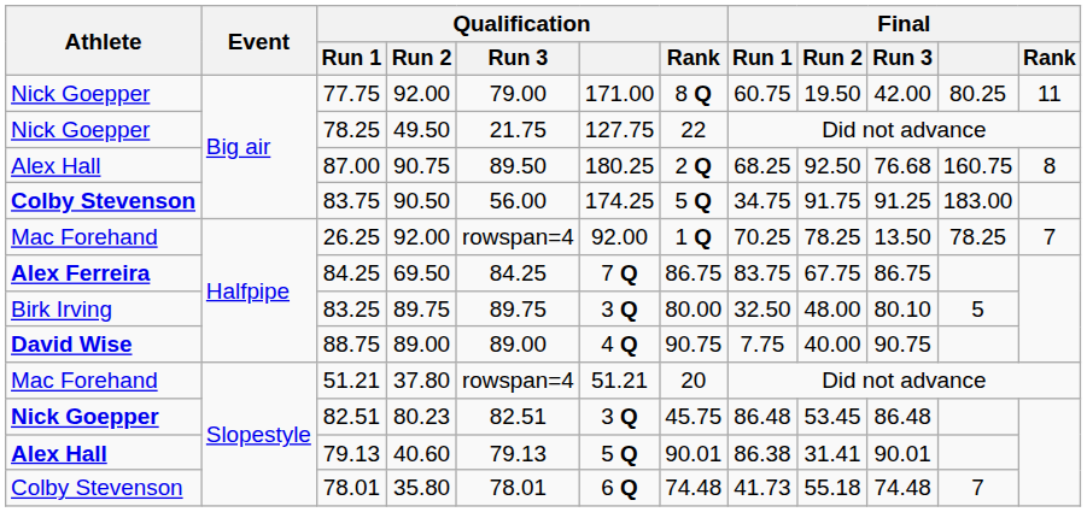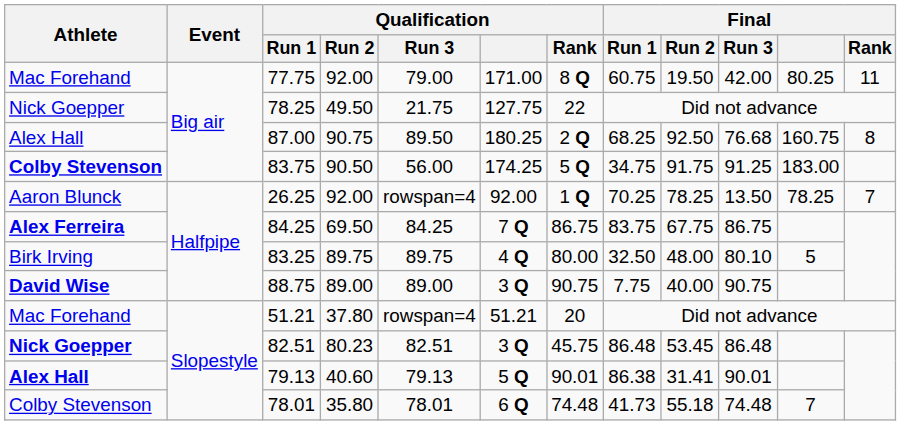 <table class=wikitable style=font-size:90%;text-align:center>
 <tr>
 <th rowspan=2>Athlete</th>
 <th rowspan=2>Event</th>
 <th colspan=5>Qualification</th>
 <th colspan=5>Final</th>
 </tr>
 <tr style=font-size:95%>
 <th>Run 1</th>
 <th>Run 2</th>
 <th>Run 3</th>
 <th></th>
 <th>Rank</th>
 <th>Run 1</th>
 <th>Run 2</th>
 <th>Run 3</th>
 <th></th>
 <th>Rank</th>
 </tr>
 <tr>
-<td align=left><a href='#'>Nick Goepper</a></td>
+<td align=left><a href='#'>Mac Forehand</a></td>
 <td align=left rowspan=4><a href='#'>Big air</a></td>
 <td>77.75</td>
 <td>92.00</td>
 <td>79.00</td>
 <td>171.00</td>
 <td>8 <strong>Q</strong></td>
 <td>60.75</td>
 <td>19.50</td>
 <td>42.00</td>
 <td>80.25</td>
 <td>11</td>
 </tr>
 <tr>
 <td align=left><a href='#'>Nick Goepper</a></td>
 <td>78.25</td>
 <td>49.50</td>
 <td>21.75</td>
 <td>127.75</td>
 <td>22</td>
 <td colspan=5>Did not advance</td>
 </tr>
 <tr>
 <td align=left><a href='#'>Alex Hall</a></td>
 <td>87.00</td>
 <td>90.75</td>
 <td>89.50</td>
 <td>180.25</td>
 <td>2 <strong>Q</strong></td>
 <td>68.25</td>
 <td>92.50</td>
 <td>76.68</td>
 <td>160.75</td>
 <td>8</td>
 </tr>
 <tr>
 <td align=left><strong><a href='#'>Colby Stevenson</a></strong></td>
 <td>83.75</td>
 <td>90.50</td>
 <td>56.00</td>
 <td>174.25</td>
 <td>5 <strong>Q</strong></td>
 <td>34.75</td>
 <td>91.75</td>
 <td>91.25</td>
 <td>183.00</td>
 <td></td>
 </tr>
 <tr>
-<td align=left><a href='#'>Mac Forehand</a></td>
+<td align=left><a href='#'>Aaron Blunck</a></td>
 <td align=left rowspan=4><a href='#'>Halfpipe</a></td>
 <td>26.25</td>
 <td>92.00</td>
 <td>rowspan=4 </td>
 <td>92.00</td>
 <td>1 <strong>Q</strong></td>
 <td>70.25</td>
 <td>78.25</td>
 <td>13.50</td>
 <td>78.25</td>
 <td>7</td>
 </tr>
 <tr>
 <td align=left><strong><a href='#'>Alex Ferreira</a></strong></td>
 <td>84.25</td>
 <td>69.50</td>
 <td>84.25</td>
 <td>7 <strong>Q</strong></td>
 <td>86.75</td>
 <td>83.75</td>
 <td>67.75</td>
 <td>86.75</td>
 <td></td>
 </tr>
 <tr>
 <td align=left><a href='#'>Birk Irving</a></td>
 <td>83.25</td>
 <td>89.75</td>
 <td>89.75</td>
-<td>3 <strong>Q</strong></td>
+<td>4 <strong>Q</strong></td>
 <td>80.00</td>
 <td>32.50</td>
 <td>48.00</td>
 <td>80.10</td>
 <td>5</td>
 </tr>
 <tr>
 <td align=left><strong><a href='#'>David Wise</a></strong></td>
 <td>88.75</td>
 <td>89.00</td>
 <td>89.00</td>
-<td>4 <strong>Q</strong></td>
+<td>3 <strong>Q</strong></td>
 <td>90.75</td>
 <td>7.75</td>
 <td>40.00</td>
 <td>90.75</td>
 <td></td>
 </tr>
 <tr>
 <td align=left><a href='#'>Mac Forehand</a></td>
 <td align=left rowspan=4><a href='#'>Slopestyle</a></td>
 <td>51.21</td>
 <td>37.80</td>
 <td>rowspan=4 </td>
 <td>51.21</td>
 <td>20</td>
 <td colspan=5>Did not advance</td>
 </tr>
 <tr>
 <td align=left><strong><a href='#'>Nick Goepper</a></strong></td>
 <td>82.51</td>
 <td>80.23</td>
 <td>82.51</td>
 <td>3 <strong>Q</strong></td>
 <td>45.75</td>
 <td>86.48</td>
 <td>53.45</td>
 <td>86.48</td>
 <td></td>
 </tr>
 <tr>
 <td align=left><strong><a href='#'>Alex Hall</a></strong></td>
 <td>79.13</td>
 <td>40.60</td>
 <td>79.13</td>
 <td>5 <strong>Q</strong></td>
 <td>90.01</td>
 <td>86.38</td>
 <td>31.41</td>
 <td>90.01</td>
 <td></td>
 </tr>
 <tr>
 <td align=left><a href='#'>Colby Stevenson</a></td>
 <td>78.01</td>
 <td>35.80</td>
 <td>78.01</td>
 <td>6 <strong>Q</strong></td>
 <td>74.48</td>
 <td>41.73</td>
 <td>55.18</td>
 <td>74.48</td>
 <td>7</td>
 </tr>
 </table>
